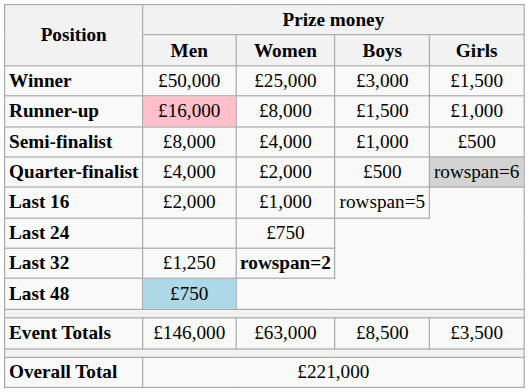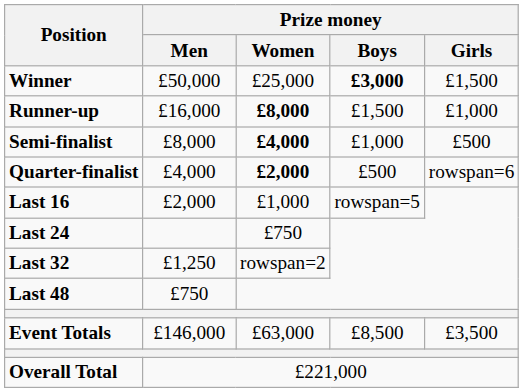 <table class="wikitable">
 <tr>
 <th rowspan=2>Position</th>
 <th colspan=4>Prize money</th>
 </tr>
 <tr>
 <th width=70px>Men</th>
 <th width=70px>Women</th>
 <th width=70px>Boys</th>
 <th width=70px>Girls</th>
 </tr>
 <tr>
 <td><strong>Winner</strong></td>
 <td align="center">£50,000</td>
 <td align="center">£25,000</td>
-<td align="center">£3,000</td>
+<td align="center"><strong>£3,000</strong></td>
 <td align="center">£1,500</td>
 </tr>
 <tr>
 <td><strong>Runner-up</strong></td>
-<td align="center" style="background: pink;">£16,000</td>
-<td align="center">£8,000</td>
+<td align="center">£16,000</td>
+<td align="center"><strong>£8,000</strong></td>
 <td align="center">£1,500</td>
 <td align="center">£1,000</td>
 </tr>
 <tr>
 <td><strong>Semi-finalist</strong></td>
 <td align="center">£8,000</td>
-<td align="center">£4,000</td>
+<td align="center"><strong>£4,000</strong></td>
 <td align="center">£1,000</td>
 <td align="center">£500</td>
 </tr>
 <tr>
 <td><strong>Quarter-finalist</strong></td>
 <td align="center">£4,000</td>
-<td align="center">£2,000</td>
+<td align="center"><strong>£2,000</strong></td>
 <td align="center">£500</td>
-<td style="background: lightgrey;">rowspan=6 </td>
+<td>rowspan=6 </td>
 </tr>
 <tr>
 <td><strong>Last 16</strong></td>
 <td align="center">£2,000</td>
 <td align="center">£1,000</td>
 <td>rowspan=5 </td>
 </tr>
 <tr>
 <td><strong>Last 24</strong></td>
 <td></td>
 <td align="center">£750</td>
 </tr>
 <tr>
 <td><strong>Last 32</strong></td>
 <td align="center">£1,250</td>
-<td><strong>rowspan=2 </strong></td>
+<td>rowspan=2 </td>
 </tr>
 <tr>
 <td><strong>Last 48</strong></td>
-<td align="center" style="background: lightblue;">£750</td>
+<td align="center">£750</td>
 </tr>
 <tr>
 <th colspan="5"></th>
 </tr>
 <tr>
 <td><strong>Event Totals</strong></td>
 <td align="center">£146,000</td>
 <td align="center">£63,000</td>
 <td align="center">£8,500</td>
 <td align="center">£3,500</td>
 </tr>
 <tr>
 <th colspan="5"></th>
 </tr>
 <tr>
 <td><strong>Overall Total</strong></td>
 <td colspan="5" align="center">£221,000</td>
 </tr>
 </table>
